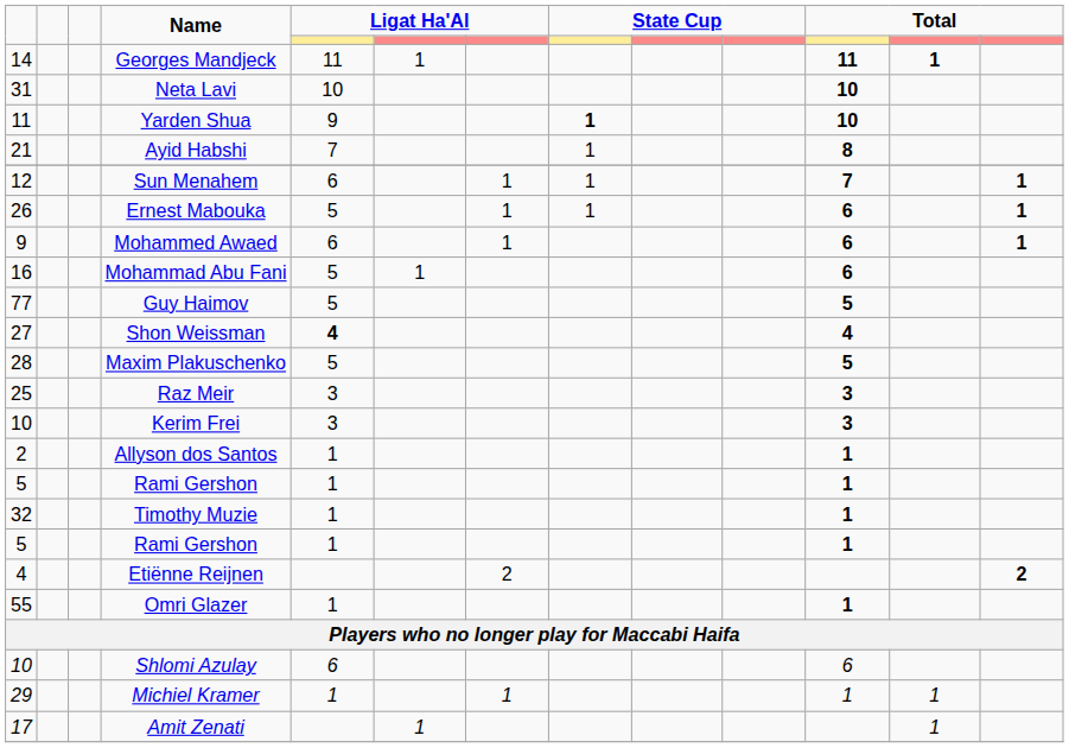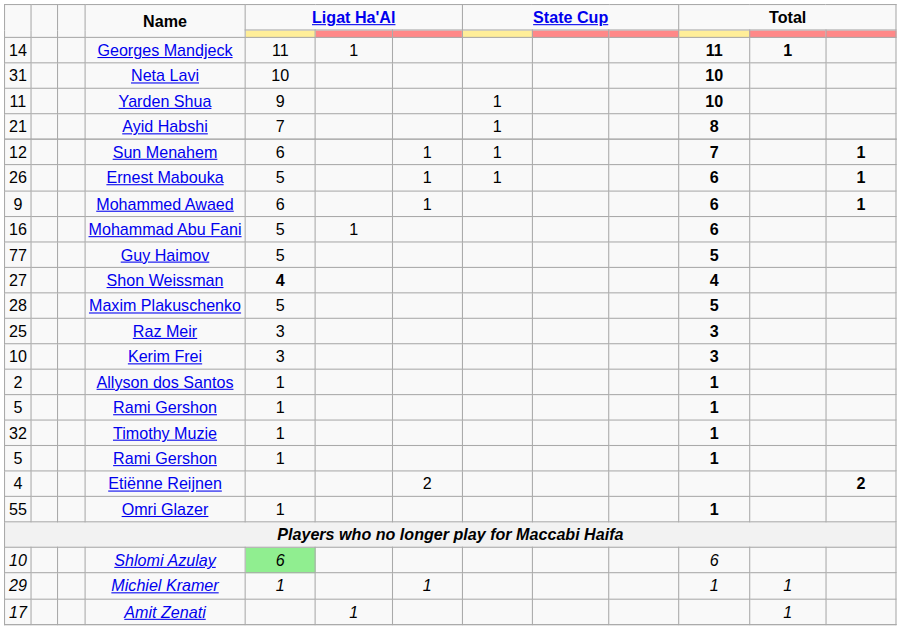 <table class="wikitable" style="font-size: 95%; text-align: center">
 <tr>
 <td rowspan="2"  style="width:3%; text-align:center;"><strong></strong></td>
 <td rowspan="2"  style="width:3%; text-align:center;"><strong></strong></td>
 <td rowspan="2"  style="width:3%; text-align:center;"><strong></strong></td>
 <td rowspan="2"  style="width:18%; text-align:center;"><strong>Name</strong></td>
 <td colspan="3" style="text-align:center;"><strong><a href='#'>Ligat Ha'Al</a></strong></td>
 <td colspan="3" style="text-align:center;"><strong><a href='#'>State Cup</a></strong></td>
 <td colspan="3" style="text-align:center;"><strong>Total</strong></td>
 </tr>
 <tr>
 <th style="width:25px; background:#fe9;"></th>
 <th style="width:28px; background:#ff8888;"></th>
 <th style="width:25px; background:#ff8888;"></th>
 <th style="width:25px; background:#fe9;"></th>
 <th style="width:28px; background:#ff8888;"></th>
 <th style="width:25px; background:#ff8888;"></th>
 <th style="width:25px; background:#fe9;"></th>
 <th style="width:28px; background:#ff8888;"></th>
 <th style="width:25px; background:#ff8888;"></th>
 </tr>
 <tr>
 <td>14</td>
 <td></td>
 <td></td>
 <td><a href='#'>Georges Mandjeck</a></td>
 <td>11</td>
 <td>1</td>
 <td></td>
 <td></td>
 <td></td>
 <td></td>
 <td><strong>11</strong></td>
 <td><strong>1</strong></td>
 <td></td>
 </tr>
 <tr>
 <td>31</td>
 <td></td>
 <td></td>
 <td><a href='#'>Neta Lavi</a></td>
 <td>10</td>
 <td></td>
 <td></td>
 <td></td>
 <td></td>
 <td></td>
 <td><strong>10</strong></td>
 <td></td>
 <td></td>
 </tr>
 <tr>
 <td>11</td>
 <td></td>
 <td></td>
 <td><a href='#'>Yarden Shua</a></td>
 <td>9</td>
 <td></td>
 <td></td>
-<td><strong>1</strong></td>
+<td>1</td>
 <td></td>
 <td></td>
 <td><strong>10</strong></td>
 <td></td>
 <td></td>
 </tr>
 <tr>
 <td>21</td>
 <td></td>
 <td></td>
 <td><a href='#'>Ayid Habshi</a></td>
 <td>7</td>
 <td></td>
 <td></td>
 <td>1</td>
 <td></td>
 <td></td>
 <td><strong>8</strong></td>
 <td></td>
 <td></td>
 </tr>
 <tr>
 </tr>
 <tr>
 <td>12</td>
 <td></td>
 <td></td>
 <td><a href='#'>Sun Menahem</a></td>
 <td>6</td>
 <td></td>
 <td>1</td>
 <td>1</td>
 <td></td>
 <td></td>
 <td><strong>7</strong></td>
 <td></td>
 <td><strong>1</strong></td>
 </tr>
 <tr>
 <td>26</td>
 <td></td>
 <td></td>
 <td><a href='#'>Ernest Mabouka</a></td>
 <td>5</td>
 <td></td>
 <td>1</td>
 <td>1</td>
 <td></td>
 <td></td>
 <td><strong>6</strong></td>
 <td></td>
 <td><strong>1</strong></td>
 </tr>
 <tr>
 <td>9</td>
 <td></td>
 <td></td>
 <td><a href='#'>Mohammed Awaed</a></td>
 <td>6</td>
 <td></td>
 <td>1</td>
 <td></td>
 <td></td>
 <td></td>
 <td><strong>6</strong></td>
 <td></td>
 <td><strong>1</strong></td>
 </tr>
 <tr>
 <td>16</td>
 <td></td>
 <td></td>
 <td><a href='#'>Mohammad Abu Fani</a></td>
 <td>5</td>
 <td>1</td>
 <td></td>
 <td></td>
 <td></td>
 <td></td>
 <td><strong>6</strong></td>
 <td></td>
 <td></td>
 </tr>
 <tr>
 <td>77</td>
 <td></td>
 <td></td>
 <td><a href='#'>Guy Haimov</a></td>
 <td>5</td>
 <td></td>
 <td></td>
 <td></td>
 <td></td>
 <td></td>
 <td><strong>5</strong></td>
 <td></td>
 <td></td>
 </tr>
 <tr>
 <td>27</td>
 <td></td>
 <td></td>
 <td><a href='#'>Shon Weissman</a></td>
 <td><strong>4</strong></td>
 <td></td>
 <td></td>
 <td></td>
 <td></td>
 <td></td>
 <td><strong>4</strong></td>
 <td></td>
 <td></td>
 </tr>
 <tr>
 <td>28</td>
 <td></td>
 <td></td>
 <td><a href='#'>Maxim Plakuschenko</a></td>
 <td>5</td>
 <td></td>
 <td></td>
 <td></td>
 <td></td>
 <td></td>
 <td><strong>5</strong></td>
 <td></td>
 <td></td>
 </tr>
 <tr>
 <td>25</td>
 <td></td>
 <td></td>
 <td><a href='#'>Raz Meir</a></td>
 <td>3</td>
 <td></td>
 <td></td>
 <td></td>
 <td></td>
 <td></td>
 <td><strong>3</strong></td>
 <td></td>
 <td></td>
 </tr>
 <tr>
 <td>10</td>
 <td></td>
 <td></td>
 <td><a href='#'>Kerim Frei</a></td>
 <td>3</td>
 <td></td>
 <td></td>
 <td></td>
 <td></td>
 <td></td>
 <td><strong>3</strong></td>
 <td></td>
 <td></td>
 </tr>
 <tr>
 <td>2</td>
 <td></td>
 <td></td>
 <td><a href='#'>Allyson dos Santos</a></td>
 <td>1</td>
 <td></td>
 <td></td>
 <td></td>
 <td></td>
 <td></td>
 <td><strong>1</strong></td>
 <td></td>
 <td></td>
 </tr>
 <tr>
 <td>5</td>
 <td></td>
 <td></td>
 <td><a href='#'>Rami Gershon</a></td>
 <td>1</td>
 <td></td>
 <td></td>
 <td></td>
 <td></td>
 <td></td>
 <td><strong>1</strong></td>
 <td></td>
 <td></td>
 </tr>
 <tr>
 <td>32</td>
 <td></td>
 <td></td>
 <td><a href='#'>Timothy Muzie</a></td>
 <td>1</td>
 <td></td>
 <td></td>
 <td></td>
 <td></td>
 <td></td>
 <td><strong>1</strong></td>
 <td></td>
 <td></td>
 </tr>
 <tr>
 <td>5</td>
 <td></td>
 <td></td>
 <td><a href='#'>Rami Gershon</a></td>
 <td>1</td>
 <td></td>
 <td></td>
 <td></td>
 <td></td>
 <td></td>
 <td><strong>1</strong></td>
 <td></td>
 <td></td>
 </tr>
 <tr>
 <td>4</td>
 <td></td>
 <td></td>
 <td><a href='#'>Etiënne Reijnen</a></td>
 <td></td>
 <td></td>
 <td>2</td>
 <td></td>
 <td></td>
 <td></td>
 <td></td>
 <td></td>
 <td><strong>2</strong></td>
 </tr>
 <tr>
 <td>55</td>
 <td></td>
 <td></td>
 <td><a href='#'>Omri Glazer</a></td>
 <td>1</td>
 <td></td>
 <td></td>
 <td></td>
 <td></td>
 <td></td>
 <td><strong>1</strong></td>
 <td></td>
 <td></td>
 </tr>
 <tr>
 <th colspan=34><em>Players who no longer play for Maccabi Haifa</em></th>
 </tr>
 <tr>
 <td><em>10</em></td>
 <td><em></em></td>
 <td></td>
 <td><em><a href='#'>Shlomi Azulay</a></em></td>
-<td><em>6</em></td>
+<td style="background: lightgreen;"><em>6</em></td>
 <td></td>
 <td></td>
 <td></td>
 <td></td>
 <td></td>
 <td><em>6</em></td>
 <td></td>
 <td></td>
 </tr>
 <tr>
 <td><em>29</em></td>
 <td><em></em></td>
 <td></td>
 <td><em><a href='#'>Michiel Kramer</a></em></td>
 <td><em>1</em></td>
 <td></td>
 <td><em>1</em></td>
 <td></td>
 <td></td>
 <td></td>
 <td><em>1</em></td>
 <td><em>1</em></td>
 <td></td>
 </tr>
 <tr>
 <td><em>17</em></td>
 <td><em></em></td>
 <td></td>
 <td><em><a href='#'>Amit Zenati</a></em></td>
 <td></td>
 <td><em>1</em></td>
 <td></td>
 <td></td>
 <td></td>
 <td></td>
 <td></td>
 <td><em>1</em></td>
 <td></td>
 </tr>
 <tr>
 </tr>
 </table>
